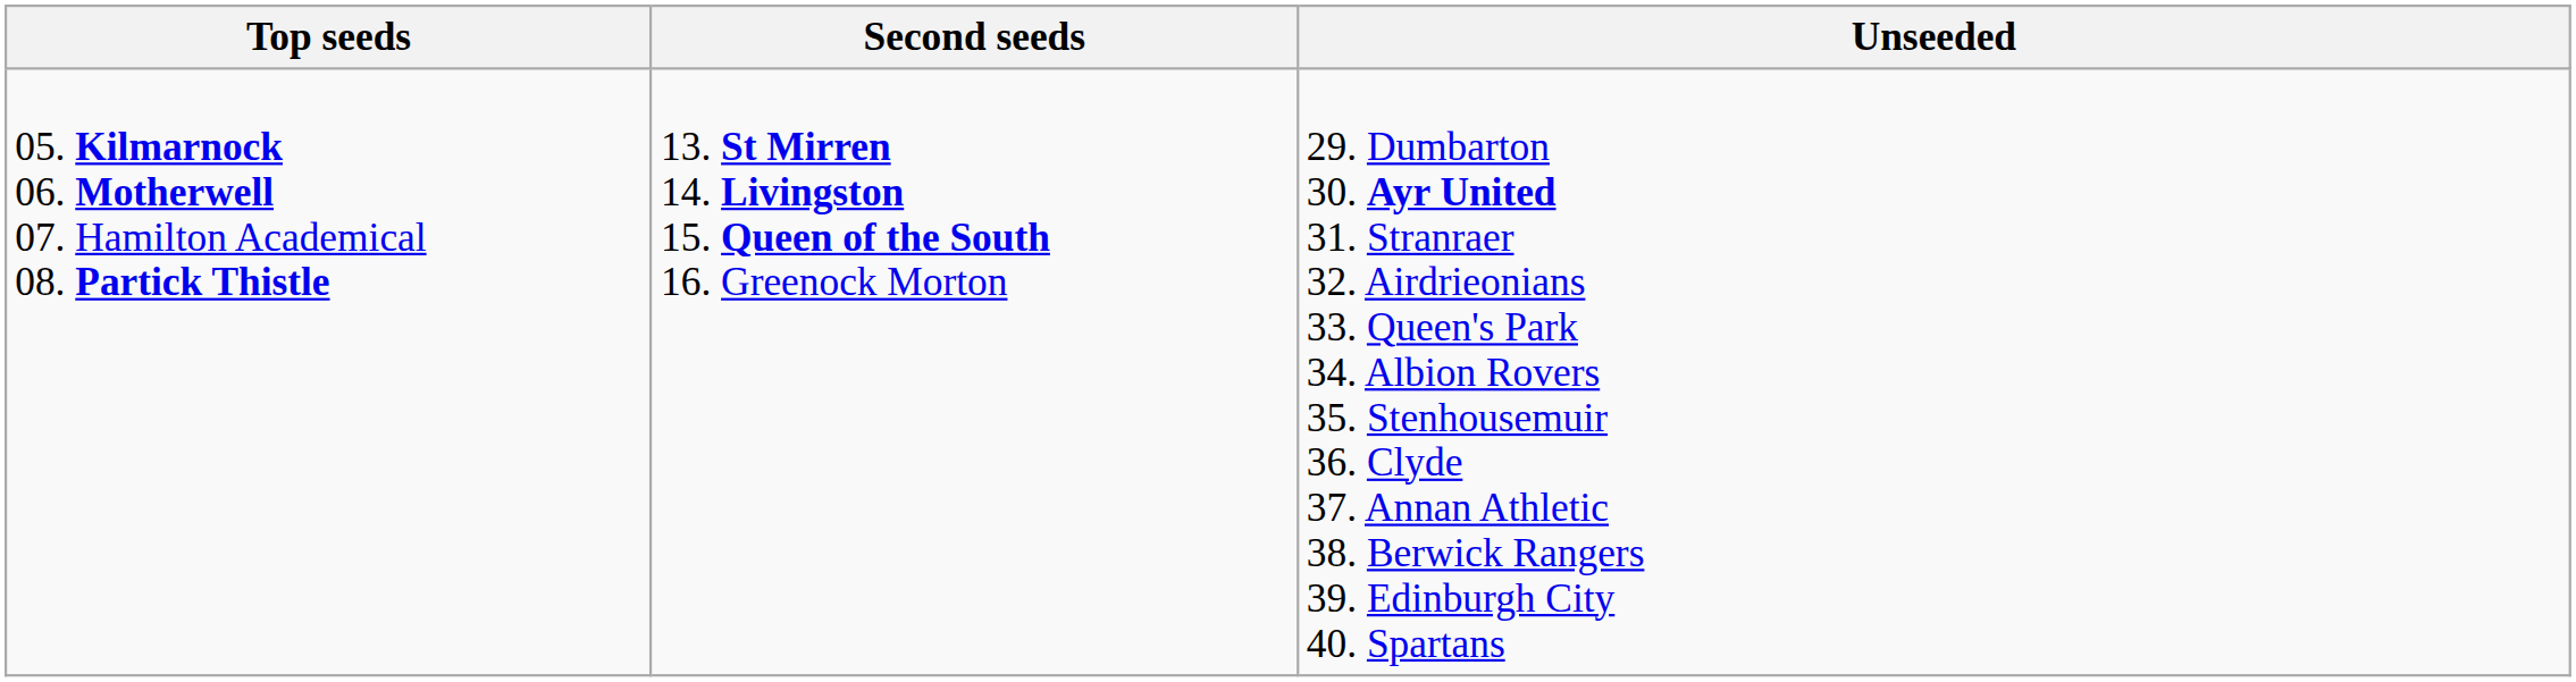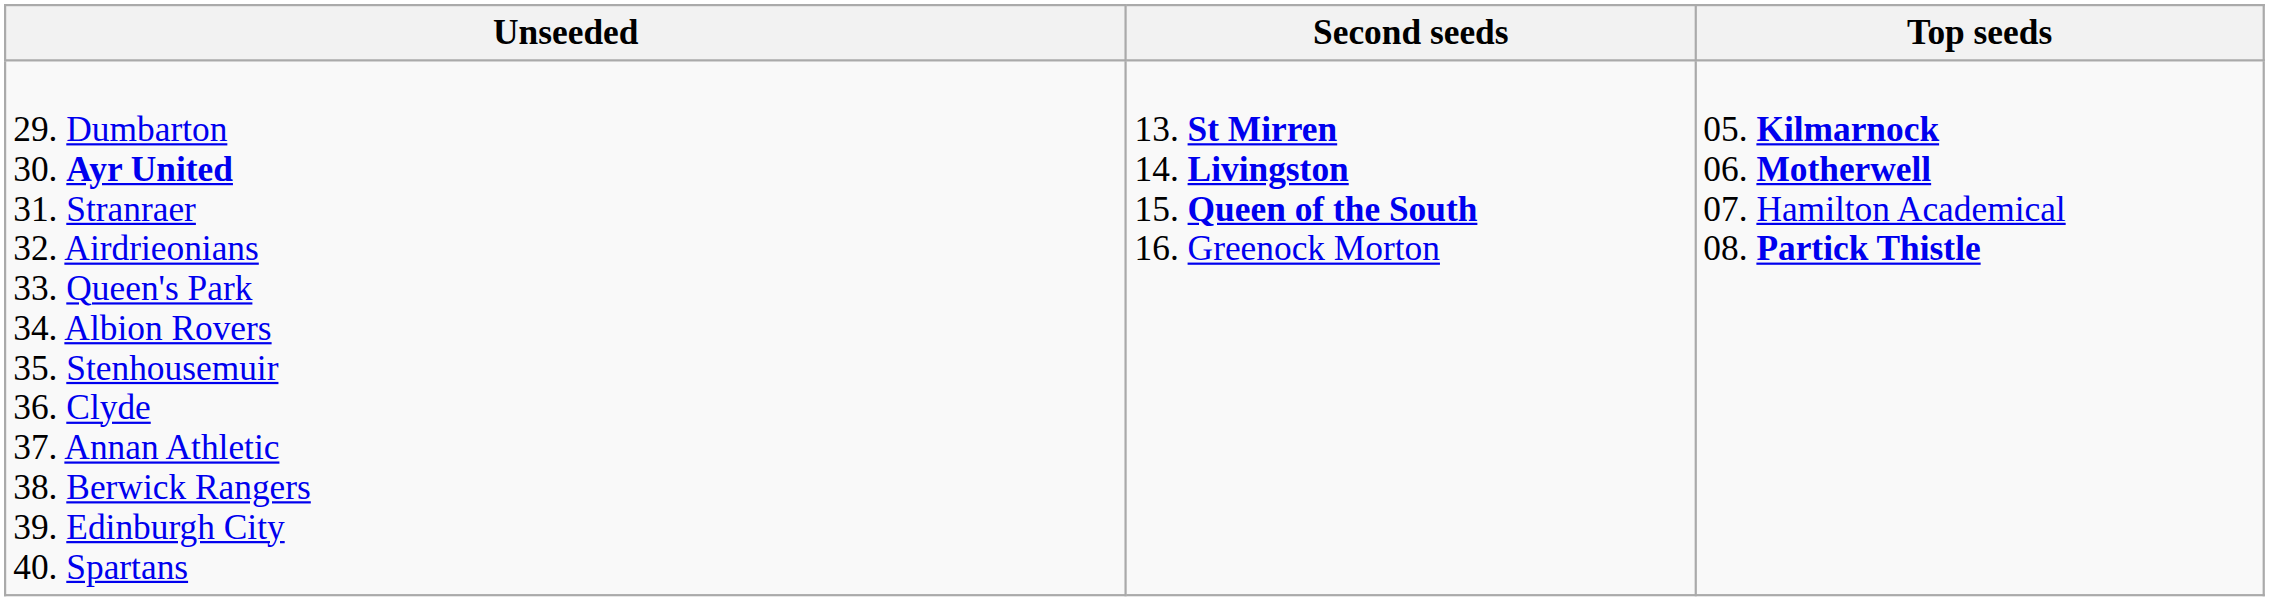 <table class="wikitable">
 <tr>
+<th style="width:500px;">Unseeded</th>
+<th style="width:250px;">Second seeds</th>
 <th style="width:250px;">Top seeds</th>
-<th style="width:250px;">Second seeds</th>
-<th style="width:500px;">Unseeded</th>
 </tr>
 <tr>
+<td valign=top><br>  29. <a href='#'>Dumbarton</a><br> 30. <strong><a href='#'>Ayr United</a></strong><br> 31. <a href='#'>Stranraer</a><br> 32. <a href='#'>Airdrieonians</a><br> 33. <a href='#'>Queen's Park</a><br> 34. <a href='#'>Albion Rovers</a><br>  35. <a href='#'>Stenhousemuir</a><br> 36. <a href='#'>Clyde</a><br> 37. <a href='#'>Annan Athletic</a><br> 38. <a href='#'>Berwick Rangers</a><br> 39. <a href='#'>Edinburgh City</a><br> 40. <a href='#'>Spartans</a><br> </td>
+<td valign=top><br>13. <strong><a href='#'>St Mirren</a></strong><br> 14. <strong><a href='#'>Livingston</a></strong><br> 15. <strong><a href='#'>Queen of the South</a></strong><br> 16. <a href='#'>Greenock Morton</a><br></td>
 <td valign=top><br>05. <strong><a href='#'>Kilmarnock</a></strong><br> 06. <strong><a href='#'>Motherwell</a></strong><br> 07. <a href='#'>Hamilton Academical</a><br> 08. <strong><a href='#'>Partick Thistle</a></strong><br></td>
-<td valign=top><br>13. <strong><a href='#'>St Mirren</a></strong><br> 14. <strong><a href='#'>Livingston</a></strong><br> 15. <strong><a href='#'>Queen of the South</a></strong><br> 16. <a href='#'>Greenock Morton</a><br></td>
-<td valign=top><br>  29. <a href='#'>Dumbarton</a><br> 30. <strong><a href='#'>Ayr United</a></strong><br> 31. <a href='#'>Stranraer</a><br> 32. <a href='#'>Airdrieonians</a><br> 33. <a href='#'>Queen's Park</a><br> 34. <a href='#'>Albion Rovers</a><br>  35. <a href='#'>Stenhousemuir</a><br> 36. <a href='#'>Clyde</a><br> 37. <a href='#'>Annan Athletic</a><br> 38. <a href='#'>Berwick Rangers</a><br> 39. <a href='#'>Edinburgh City</a><br> 40. <a href='#'>Spartans</a><br> </td>
 </tr>
 </table>
